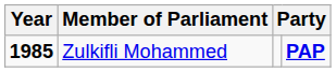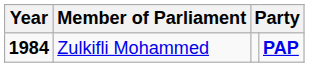 <table class="wikitable">
 <tr>
 <th>Year</th>
 <th>Member of Parliament</th>
 <th colspan="2">Party</th>
 </tr>
 <tr>
-<td><strong>1985</strong></td>
+<td><strong>1984</strong></td>
 <td><a href='#'>Zulkifli Mohammed</a></td>
 <td></td>
 <td><strong><a href='#'>PAP</a></strong></td>
 </tr>
 </table>
